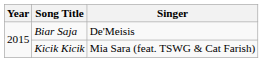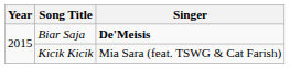 <table class="wikitable">
 <tr style="text-align:center;">
 <th>Year</th>
 <th>Song Title</th>
 <th>Singer</th>
 </tr>
 <tr>
 <td rowspan="2" style="text-align:center;">2015</td>
 <td><em>Biar Saja</em> </td>
-<td>De'Meisis</td>
+<td><strong>De'Meisis</strong></td>
 </tr>
 <tr>
 <td><em>Kicik Kicik</em></td>
 <td>Mia Sara (feat. TSWG & Cat Farish)</td>
 </tr>
 </table>
